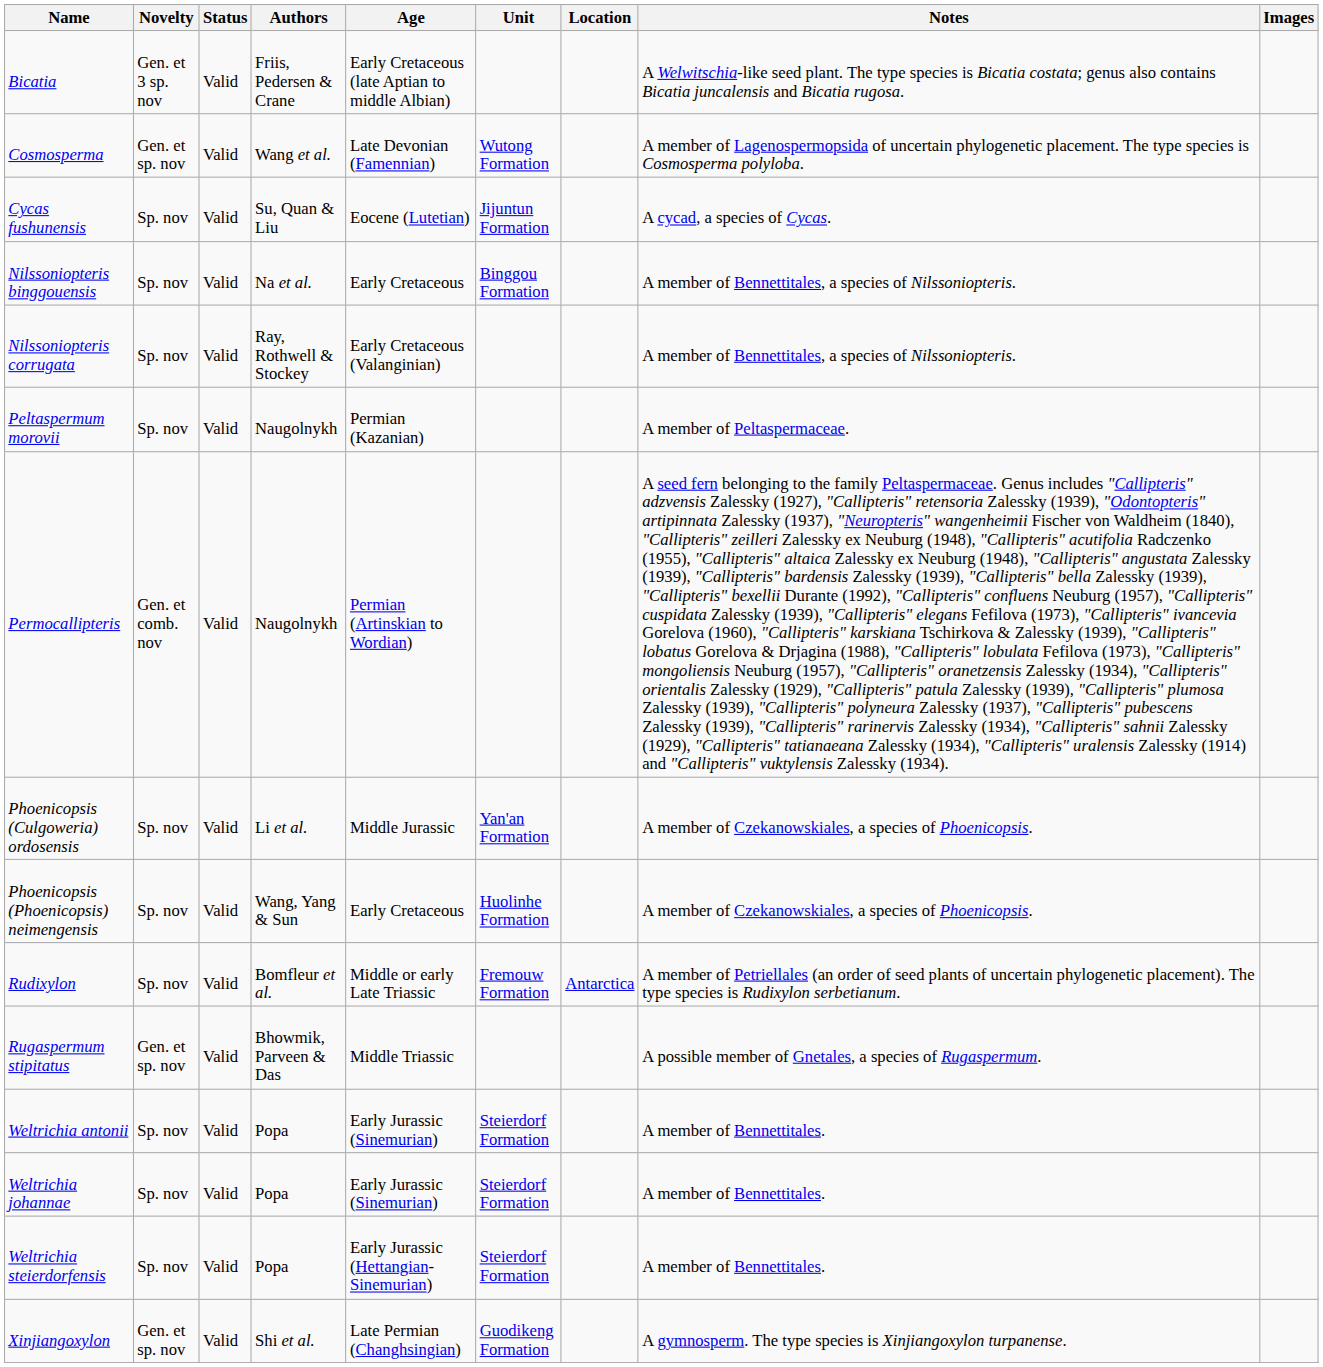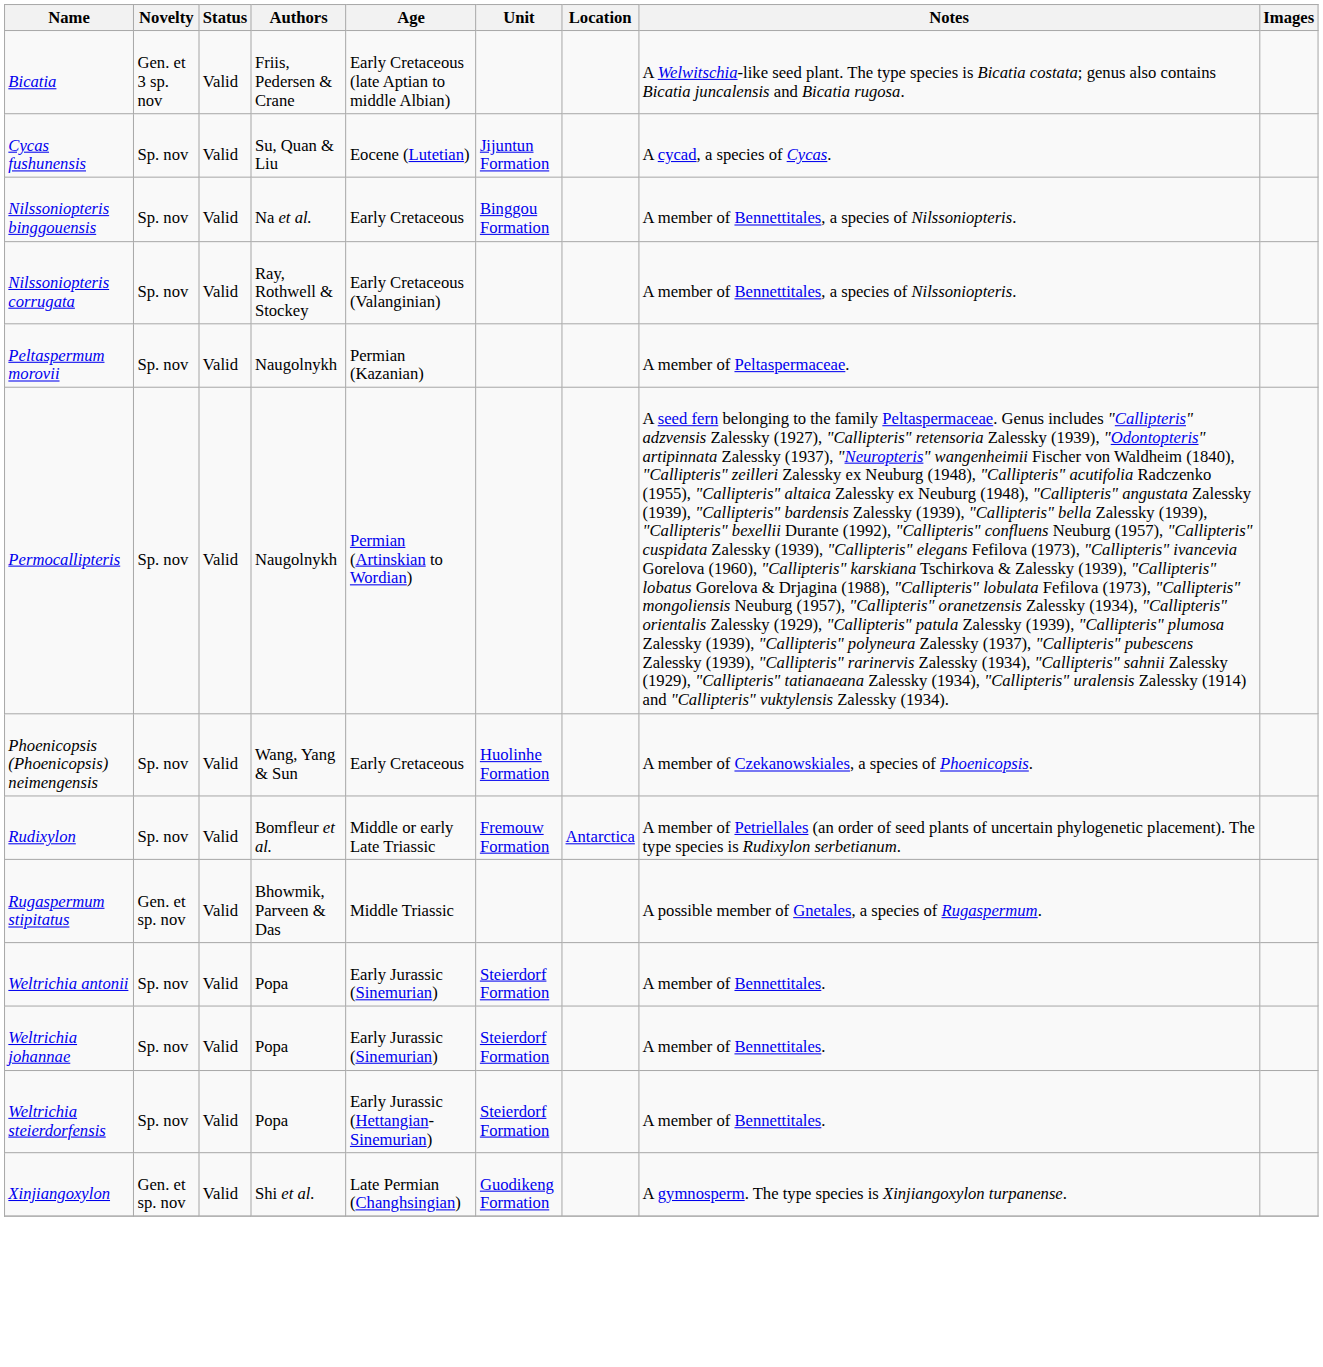 <table class="wikitable sortable" align="center" width="100%">
 <tr>
 <th>Name</th>
 <th>Novelty</th>
 <th>Status</th>
 <th>Authors</th>
 <th>Age</th>
 <th>Unit</th>
 <th>Location</th>
 <th>Notes</th>
 <th>Images</th>
 </tr>
 <tr>
 <td><br><em><a href='#'>Bicatia</a></em></td>
 <td><br>Gen. et 3 sp. nov</td>
 <td><br>Valid</td>
 <td><br>Friis, Pedersen & Crane</td>
 <td><br>Early Cretaceous (late Aptian to middle Albian)</td>
 <td></td>
 <td><br><br> </td>
 <td><br>A <em><a href='#'>Welwitschia</a></em>-like seed plant. The type species is <em>Bicatia costata</em>; genus also contains <em>Bicatia juncalensis</em> and <em>Bicatia rugosa</em>.</td>
-<td></td>
-</tr>
-<tr>
-<td><br><em><a href='#'>Cosmosperma</a></em></td>
-<td><br>Gen. et sp. nov</td>
-<td><br>Valid</td>
-<td><br>Wang <em>et al.</em></td>
-<td><br>Late Devonian (<a href='#'>Famennian</a>)</td>
-<td><br><a href='#'>Wutong Formation</a></td>
-<td><br></td>
-<td><br>A member of <a href='#'>Lagenospermopsida</a> of uncertain phylogenetic placement. The type species is <em>Cosmosperma polyloba</em>.</td>
 <td></td>
 </tr>
 <tr>
 <td><br><em><a href='#'>Cycas fushunensis</a></em></td>
 <td><br>Sp. nov</td>
 <td><br>Valid</td>
 <td><br>Su, Quan & Liu</td>
 <td><br>Eocene (<a href='#'>Lutetian</a>)</td>
 <td><br><a href='#'>Jijuntun Formation</a></td>
 <td><br></td>
 <td><br>A <a href='#'>cycad</a>, a species of <em><a href='#'>Cycas</a></em>.</td>
 <td></td>
 </tr>
 <tr>
 <td><br><em><a href='#'>Nilssoniopteris binggouensis</a></em></td>
 <td><br>Sp. nov</td>
 <td><br>Valid</td>
 <td><br>Na <em>et al.</em></td>
 <td><br>Early Cretaceous</td>
 <td><br><a href='#'>Binggou Formation</a></td>
 <td><br></td>
 <td><br>A member of <a href='#'>Bennettitales</a>, a species of <em>Nilssoniopteris</em>.</td>
 <td></td>
 </tr>
 <tr>
 <td><br><em><a href='#'>Nilssoniopteris corrugata</a></em></td>
 <td><br>Sp. nov</td>
 <td><br>Valid</td>
 <td><br>Ray, Rothwell & Stockey</td>
 <td><br>Early Cretaceous (Valanginian)</td>
 <td></td>
 <td><br></td>
 <td><br>A member of <a href='#'>Bennettitales</a>, a species of <em>Nilssoniopteris</em>.</td>
 <td></td>
 </tr>
 <tr>
 <td><br><em><a href='#'>Peltaspermum morovii</a></em></td>
 <td><br>Sp. nov</td>
 <td><br>Valid</td>
 <td><br>Naugolnykh</td>
 <td><br>Permian (Kazanian)</td>
 <td></td>
 <td><br></td>
 <td><br>A member of <a href='#'>Peltaspermaceae</a>.</td>
 <td></td>
 </tr>
 <tr>
 <td><br><em><a href='#'>Permocallipteris</a></em></td>
-<td><br>Gen. et comb. nov</td>
+<td><br>Sp. nov</td>
 <td><br>Valid</td>
 <td><br>Naugolnykh</td>
 <td><br><a href='#'>Permian</a> (<a href='#'>Artinskian</a> to <a href='#'>Wordian</a>)</td>
 <td></td>
 <td><br><br> <br> </td>
 <td><br>A <a href='#'>seed fern</a> belonging to the family <a href='#'>Peltaspermaceae</a>. Genus includes <em>"<a href='#'>Callipteris</a>" adzvensis</em> Zalessky (1927), <em>"Callipteris" retensoria</em> Zalessky (1939), <em>"<a href='#'>Odontopteris</a>" artipinnata</em> Zalessky (1937), <em>"<a href='#'>Neuropteris</a>" wangenheimii</em> Fischer von Waldheim (1840), <em>"Callipteris" zeilleri</em> Zalessky ex Neuburg (1948), <em>"Callipteris" acutifolia</em> Radczenko (1955), <em>"Callipteris" altaica</em> Zalessky ex Neuburg (1948), <em>"Callipteris" angustata</em> Zalessky (1939), <em>"Callipteris" bardensis</em> Zalessky (1939), <em>"Callipteris" bella</em> Zalessky (1939), <em>"Callipteris" bexellii</em> Durante (1992), <em>"Callipteris" confluens</em> Neuburg (1957), <em>"Callipteris" cuspidata</em> Zalessky (1939), <em>"Callipteris" elegans</em> Fefilova (1973), <em>"Callipteris" ivancevia</em> Gorelova (1960), <em>"Callipteris" karskiana</em> Tschirkova & Zalessky (1939), <em>"Callipteris" lobatus</em> Gorelova & Drjagina (1988), <em>"Callipteris" lobulata</em> Fefilova (1973), <em>"Callipteris" mongoliensis</em> Neuburg (1957), <em>"Callipteris" oranetzensis</em> Zalessky (1934), <em>"Callipteris" orientalis</em> Zalessky (1929), <em>"Callipteris" patula</em> Zalessky (1939), <em>"Callipteris" plumosa</em> Zalessky (1939), <em>"Callipteris" polyneura</em> Zalessky (1937), <em>"Callipteris" pubescens</em> Zalessky (1939), <em>"Callipteris" rarinervis</em> Zalessky (1934), <em>"Callipteris" sahnii</em> Zalessky (1929), <em>"Callipteris" tatianaeana</em> Zalessky (1934), <em>"Callipteris" uralensis</em> Zalessky (1914) and <em>"Callipteris" vuktylensis</em> Zalessky (1934).</td>
-<td></td>
-</tr>
-<tr>
-<td><br><em>Phoenicopsis (Culgoweria) ordosensis</em></td>
-<td><br>Sp. nov</td>
-<td><br>Valid</td>
-<td><br>Li <em>et al.</em></td>
-<td><br>Middle Jurassic</td>
-<td><br><a href='#'>Yan'an Formation</a></td>
-<td><br></td>
-<td><br>A member of <a href='#'>Czekanowskiales</a>, a species of <em><a href='#'>Phoenicopsis</a></em>.</td>
 <td></td>
 </tr>
 <tr>
 <td><br><em>Phoenicopsis (Phoenicopsis) neimengensis</em></td>
 <td><br>Sp. nov</td>
 <td><br>Valid</td>
 <td><br>Wang, Yang & Sun</td>
 <td><br>Early Cretaceous</td>
 <td><br><a href='#'>Huolinhe Formation</a></td>
 <td><br></td>
 <td><br>A member of <a href='#'>Czekanowskiales</a>, a species of <em><a href='#'>Phoenicopsis</a></em>.</td>
 <td></td>
 </tr>
 <tr>
 <td><br><em><a href='#'>Rudixylon</a></em></td>
 <td><br>Sp. nov</td>
 <td><br>Valid</td>
 <td><br>Bomfleur <em>et al.</em></td>
 <td><br>Middle or early Late Triassic</td>
 <td><br><a href='#'>Fremouw Formation</a></td>
 <td><br><a href='#'>Antarctica</a></td>
 <td><br>A member of <a href='#'>Petriellales</a> (an order of seed plants of uncertain phylogenetic placement). The type species is <em>Rudixylon serbetianum</em>.</td>
 <td></td>
 </tr>
 <tr>
 <td><br><em><a href='#'>Rugaspermum stipitatus</a></em></td>
 <td><br>Gen. et sp. nov</td>
 <td><br>Valid</td>
 <td><br>Bhowmik, Parveen & Das</td>
 <td><br>Middle Triassic</td>
 <td></td>
 <td><br></td>
 <td><br>A possible member of <a href='#'>Gnetales</a>, a species of <em><a href='#'>Rugaspermum</a></em>.</td>
 <td></td>
 </tr>
 <tr>
 <td><br><em><a href='#'>Weltrichia antonii</a></em></td>
 <td><br>Sp. nov</td>
 <td><br>Valid</td>
 <td><br>Popa</td>
 <td><br>Early Jurassic (<a href='#'>Sinemurian</a>)</td>
 <td><br><a href='#'>Steierdorf Formation</a></td>
 <td><br></td>
 <td><br>A member of <a href='#'>Bennettitales</a>.</td>
 <td></td>
 </tr>
 <tr>
 <td><br><em><a href='#'>Weltrichia johannae</a></em></td>
 <td><br>Sp. nov</td>
 <td><br>Valid</td>
 <td><br>Popa</td>
 <td><br>Early Jurassic (<a href='#'>Sinemurian</a>)</td>
 <td><br><a href='#'>Steierdorf Formation</a></td>
 <td><br></td>
 <td><br>A member of <a href='#'>Bennettitales</a>.</td>
 <td></td>
 </tr>
 <tr>
 <td><br><em><a href='#'>Weltrichia steierdorfensis</a></em></td>
 <td><br>Sp. nov</td>
 <td><br>Valid</td>
 <td><br>Popa</td>
 <td><br>Early Jurassic (<a href='#'>Hettangian</a>-<a href='#'>Sinemurian</a>)</td>
 <td><br><a href='#'>Steierdorf Formation</a></td>
 <td><br></td>
 <td><br>A member of <a href='#'>Bennettitales</a>.</td>
 <td></td>
 </tr>
 <tr>
 <td><br><em><a href='#'>Xinjiangoxylon</a></em></td>
 <td><br>Gen. et sp. nov</td>
 <td><br>Valid</td>
 <td><br>Shi <em>et al.</em></td>
 <td><br>Late Permian (<a href='#'>Changhsingian</a>)</td>
 <td><br><a href='#'>Guodikeng Formation</a></td>
 <td><br></td>
 <td><br>A <a href='#'>gymnosperm</a>. The type species is <em>Xinjiangoxylon turpanense</em>.</td>
 <td></td>
 </tr>
 <tr>
 </tr>
 </table>
